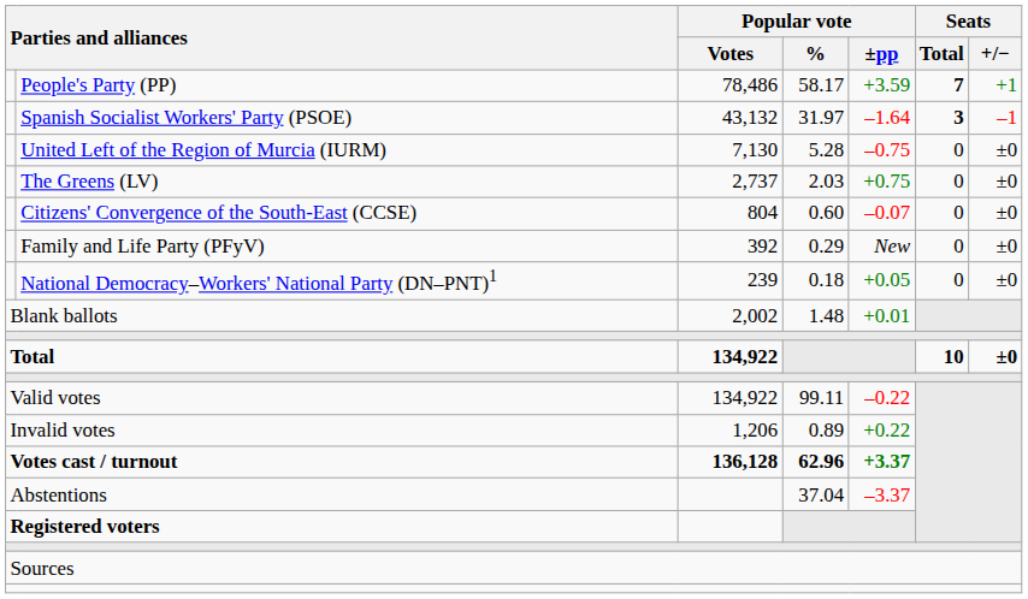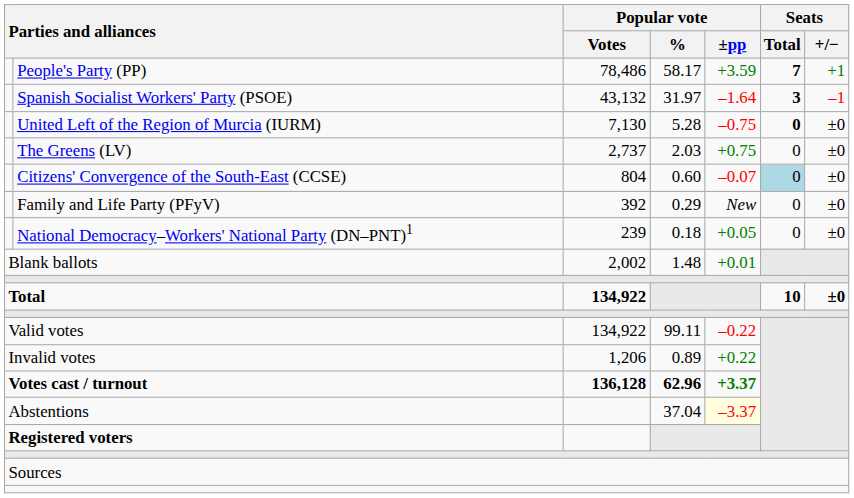 <table class="wikitable" style="text-align:right;">
 <tr>
 <th style="text-align:left;" rowspan="2" colspan="2" width="525">Parties and alliances</th>
 <th colspan="3">Popular vote</th>
 <th colspan="2">Seats</th>
 </tr>
 <tr>
 <th width="75">Votes</th>
 <th width="45">%</th>
 <th width="45">±<a href='#'>pp</a></th>
 <th width="35">Total</th>
 <th width="35">+/−</th>
 </tr>
 <tr>
 <td width="1" style="color:inherit;background:"></td>
 <td align="left"><a href='#'>People's Party</a> (PP)</td>
 <td>78,486</td>
 <td>58.17</td>
 <td style="color:green;">+3.59</td>
 <td><strong>7</strong></td>
 <td style="color:green;">+1</td>
 </tr>
 <tr>
 <td style="color:inherit;background:"></td>
 <td align="left"><a href='#'>Spanish Socialist Workers' Party</a> (PSOE)</td>
 <td>43,132</td>
 <td>31.97</td>
 <td style="color:red;">–1.64</td>
 <td><strong>3</strong></td>
 <td style="color:red;">–1</td>
 </tr>
 <tr>
 <td style="color:inherit;background:"></td>
 <td align="left"><a href='#'>United Left of the Region of Murcia</a> (IURM)</td>
 <td>7,130</td>
 <td>5.28</td>
 <td style="color:red;">–0.75</td>
-<td>0</td>
+<td><strong>0</strong></td>
 <td>±0</td>
 </tr>
 <tr>
 <td style="color:inherit;background:"></td>
 <td align="left"><a href='#'>The Greens</a> (LV)</td>
 <td>2,737</td>
 <td>2.03</td>
 <td style="color:green;">+0.75</td>
 <td>0</td>
 <td>±0</td>
 </tr>
 <tr>
 <td style="color:inherit;background:"></td>
 <td align="left"><a href='#'>Citizens' Convergence of the South-East</a> (CCSE)</td>
 <td>804</td>
 <td>0.60</td>
 <td style="color:red;">–0.07</td>
-<td>0</td>
+<td style="background: lightblue;">0</td>
 <td>±0</td>
 </tr>
 <tr>
 <td style="color:inherit;background:"></td>
 <td align="left">Family and Life Party (PFyV)</td>
 <td>392</td>
 <td>0.29</td>
 <td><em>New</em></td>
 <td>0</td>
 <td>±0</td>
 </tr>
 <tr>
 <td style="color:inherit;background:"></td>
 <td align="left"><a href='#'>National Democracy</a>–<a href='#'>Workers' National Party</a> (DN–PNT)<sup>1</sup></td>
 <td>239</td>
 <td>0.18</td>
 <td style="color:green;">+0.05</td>
 <td>0</td>
 <td>±0</td>
 </tr>
 <tr>
 <td align="left" colspan="2">Blank ballots</td>
 <td>2,002</td>
 <td>1.48</td>
 <td style="color:green;">+0.01</td>
 <td bgcolor="#E9E9E9" colspan="2"></td>
 </tr>
 <tr>
 <td colspan="7" bgcolor="#E9E9E9"></td>
 </tr>
 <tr style="font-weight:bold;">
 <td align="left" colspan="2">Total</td>
 <td>134,922</td>
 <td bgcolor="#E9E9E9" colspan="2"></td>
 <td>10</td>
 <td>±0</td>
 </tr>
 <tr>
 <td colspan="7" bgcolor="#E9E9E9"></td>
 </tr>
 <tr>
 <td align="left" colspan="2">Valid votes</td>
 <td>134,922</td>
 <td>99.11</td>
 <td style="color:red;">–0.22</td>
 <td bgcolor="#E9E9E9" colspan="2" rowspan="5"></td>
 </tr>
 <tr>
 <td align="left" colspan="2">Invalid votes</td>
 <td>1,206</td>
 <td>0.89</td>
 <td style="color:green;">+0.22</td>
 </tr>
 <tr style="font-weight:bold;">
 <td align="left" colspan="2">Votes cast / turnout</td>
 <td>136,128</td>
 <td>62.96</td>
 <td style="color:green;">+3.37</td>
 </tr>
 <tr>
 <td align="left" colspan="2">Abstentions</td>
 <td></td>
 <td>37.04</td>
-<td style="color:red;">–3.37</td>
+<td style="background: lightyellow; color:red;">–3.37</td>
 </tr>
 <tr style="font-weight:bold;">
 <td align="left" colspan="2">Registered voters</td>
 <td></td>
 <td bgcolor="#E9E9E9" colspan="2"></td>
 </tr>
 <tr>
 <td colspan="7" bgcolor="#E9E9E9"></td>
 </tr>
 <tr>
 <td align="left" colspan="7">Sources</td>
 </tr>
 <tr>
 <td colspan="7" style="text-align:left; max-width:790px;"></td>
 </tr>
 </table>
